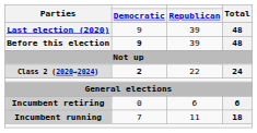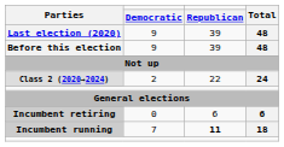 <table class=wikitable style=text-align:center>
 <tr>
 <th colspan=3 rowspan=2>Parties</th>
 <td style="background-color:"></td>
 <td style="background-color:"></td>
 <th rowspan=2>Total</th>
 </tr>
 <tr>
 <th><a href='#'>Democratic</a></th>
 <th><a href='#'>Republican</a></th>
 </tr>
 <tr>
 <th colspan=3><a href='#'>Last election (2020)</a></th>
 <td>9</td>
 <td>39</td>
 <th>48</th>
 </tr>
 <tr>
 <th colspan=3>Before this election</th>
-<td><strong>9</strong></td>
+<td>9</td>
 <td>39</td>
 <th>48</th>
 </tr>
 <tr>
 <th colspan=9 style="background:#bbb">Not up</th>
 </tr>
 <tr>
 <th colspan=3 style="background:#ddd"><small>Class 2 (<a href='#'>2020</a>→<a href='#'>2024</a>)</small></th>
-<td><strong>2</strong></td>
+<td>2</td>
 <td>22</td>
 <th>24</th>
 </tr>
 <tr>
 <td colspan=99></td>
 </tr>
 <tr>
 <th colspan=9 style="background:#bbb">General elections</th>
 </tr>
 <tr>
 <th colspan=3 style="background:#ccc">Incumbent retiring</th>
 <td>0</td>
 <td>6</td>
 <th>6</th>
 </tr>
 <tr>
 <th colspan=3 style="background:#ccc">Incumbent running</th>
 <td>7</td>
-<td>11</td>
+<td><strong>11</strong></td>
 <th>18</th>
 </tr>
 <tr>
 <td colspan=48></td>
 </tr>
 </table>
